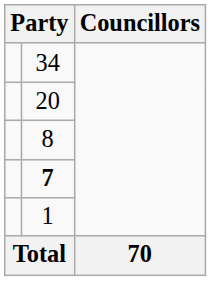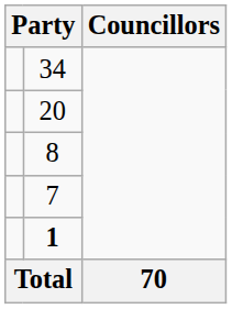 <table class="wikitable">
 <tr>
 <th colspan=2>Party</th>
 <th>Councillors</th>
 </tr>
 <tr>
 <td></td>
 <td align=center>34</td>
 </tr>
 <tr>
 <td></td>
 <td align=center>20</td>
 </tr>
 <tr>
 <td></td>
 <td align=center>8</td>
 </tr>
 <tr>
 <td></td>
-<td align=center><strong>7</strong></td>
+<td align=center>7</td>
 </tr>
 <tr>
 <td></td>
-<td align=center>1</td>
+<td align=center><strong>1</strong></td>
 </tr>
 <tr>
 <th colspan=2>Total</th>
 <th align=center>70</th>
 </tr>
 </table>
